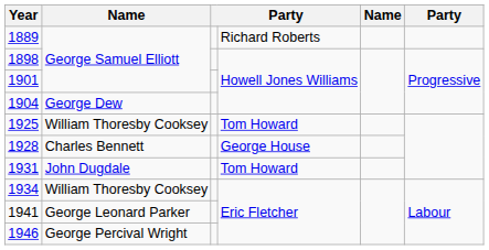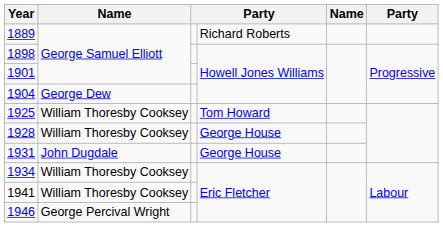 <table class="wikitable">
 <tr>
 <th>Year</th>
 <th>Name</th>
 <th colspan=2>Party</th>
 <th>Name</th>
 <th colspan=2>Party</th>
 </tr>
 <tr>
 <td><a href='#'>1889</a></td>
 <td rowspan=3><a href='#'>George Samuel Elliott</a></td>
 <td></td>
 <td>Richard Roberts</td>
 <td></td>
 </tr>
 <tr>
 <td><a href='#'>1898</a></td>
 <td></td>
 <td rowspan=3><a href='#'>Howell Jones Williams</a></td>
 <td rowspan=3 style="background-color: "></td>
 <td rowspan=3><a href='#'>Progressive</a></td>
 </tr>
 <tr>
 <td><a href='#'>1901</a></td>
 <td></td>
 </tr>
 <tr>
 <td><a href='#'>1904</a></td>
 <td><a href='#'>George Dew</a></td>
 <td></td>
 </tr>
 <tr>
 <td><a href='#'>1925</a></td>
 <td>William Thoresby Cooksey</td>
 <td></td>
 <td><a href='#'>Tom Howard</a></td>
 <td></td>
 </tr>
 <tr>
 <td><a href='#'>1928</a></td>
-<td>Charles Bennett</td>
+<td>William Thoresby Cooksey</td>
 <td></td>
 <td><a href='#'>George House</a></td>
 <td></td>
 </tr>
 <tr>
 <td><a href='#'>1931</a></td>
 <td><a href='#'>John Dugdale</a></td>
 <td></td>
-<td><a href='#'>Tom Howard</a></td>
+<td><a href='#'>George House</a></td>
 <td></td>
 </tr>
 <tr>
 <td><a href='#'>1934</a></td>
 <td>William Thoresby Cooksey</td>
 <td></td>
 <td rowspan=3><a href='#'>Eric Fletcher</a></td>
 <td rowspan=3 style="background-color: "></td>
 <td rowspan=3><a href='#'>Labour</a></td>
 </tr>
 <tr>
 <td>1941</td>
-<td>George Leonard Parker</td>
+<td>William Thoresby Cooksey</td>
 <td></td>
 </tr>
 <tr>
 <td><a href='#'>1946</a></td>
 <td>George Percival Wright</td>
 <td></td>
 </tr>
 </table>
